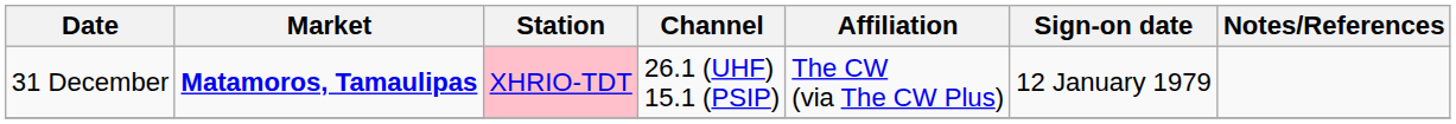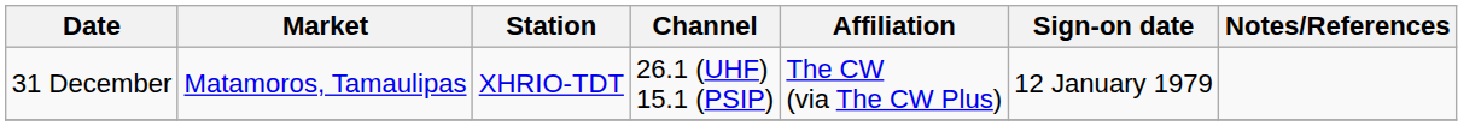 <table class="wikitable unsortable">
 <tr>
 <th>Date</th>
 <th>Market</th>
 <th>Station</th>
 <th>Channel</th>
 <th>Affiliation</th>
 <th>Sign-on date</th>
 <th>Notes/References</th>
 </tr>
 <tr>
 <td>31 December</td>
-<td><strong><a href='#'>Matamoros, Tamaulipas</a> <br> </strong></td>
-<td style="background: pink;"><a href='#'>XHRIO-TDT</a></td>
+<td><a href='#'>Matamoros, Tamaulipas</a> <br> </td>
+<td><a href='#'>XHRIO-TDT</a></td>
 <td>26.1 (<a href='#'>UHF</a>) <br> 15.1 (<a href='#'>PSIP</a>)</td>
 <td><a href='#'>The CW</a> <br> (via <a href='#'>The CW Plus</a>)</td>
 <td>12 January 1979</td>
 <td></td>
 </tr>
 <tr>
 </tr>
 </table>
